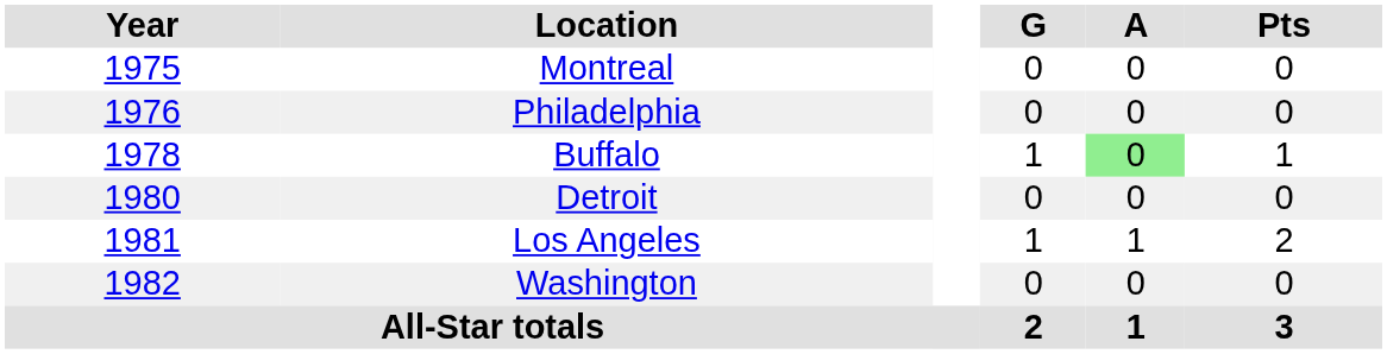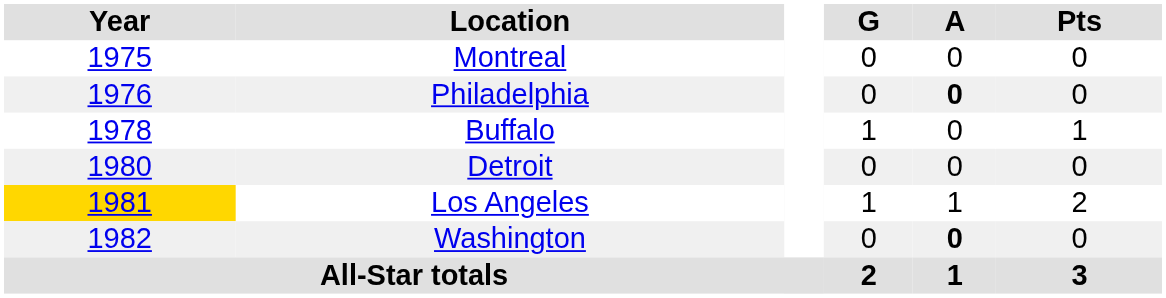 <table border="0" cellpadding="1" cellspacing="0" style="text-align:center; width:40em">
 <tr ALIGN="center" bgcolor="#e0e0e0">
 <th>Year</th>
 <th>Location</th>
 <th rowspan="99" bgcolor="#ffffff"> </th>
 <th>G</th>
 <th>A</th>
 <th>Pts</th>
 </tr>
 <tr>
 <td><a href='#'>1975</a></td>
 <td><a href='#'>Montreal</a></td>
 <td>0</td>
 <td>0</td>
 <td>0</td>
 </tr>
 <tr bgcolor="#f0f0f0">
 <td><a href='#'>1976</a></td>
 <td><a href='#'>Philadelphia</a></td>
 <td>0</td>
-<td>0</td>
+<td><strong>0</strong></td>
 <td>0</td>
 </tr>
 <tr>
 <td><a href='#'>1978</a></td>
 <td><a href='#'>Buffalo</a></td>
 <td>1</td>
-<td style="background: lightgreen;">0</td>
+<td>0</td>
 <td>1</td>
 </tr>
 <tr bgcolor="#f0f0f0">
 <td><a href='#'>1980</a></td>
 <td><a href='#'>Detroit</a></td>
 <td>0</td>
 <td>0</td>
 <td>0</td>
 </tr>
 <tr>
-<td><a href='#'>1981</a></td>
+<td style="background: gold;"><a href='#'>1981</a></td>
 <td><a href='#'>Los Angeles</a></td>
 <td>1</td>
 <td>1</td>
 <td>2</td>
 </tr>
 <tr bgcolor="#f0f0f0">
 <td><a href='#'>1982</a></td>
 <td><a href='#'>Washington</a></td>
 <td>0</td>
-<td>0</td>
+<td><strong>0</strong></td>
 <td>0</td>
 </tr>
 <tr bgcolor="#e0e0e0">
 <th colspan=3>All-Star totals</th>
 <th>2</th>
 <th>1</th>
 <th>3</th>
 </tr>
 </table>
